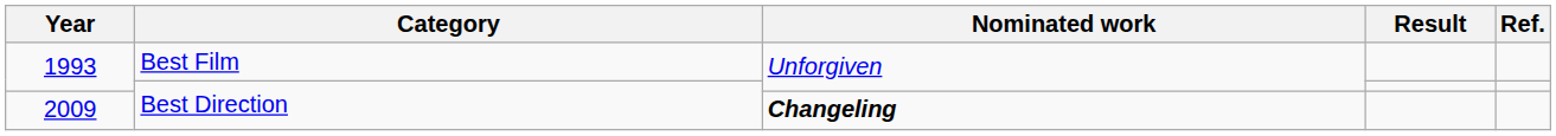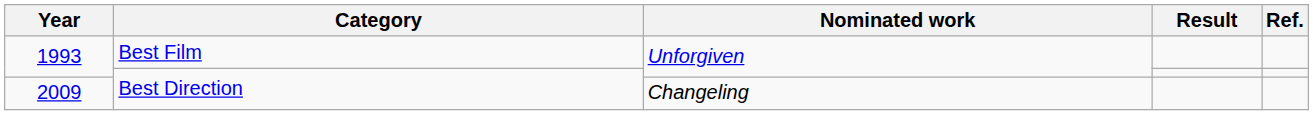 <table class=wikitable>
 <tr>
 <th scope="col" style="width:5em;">Year</th>
 <th scope="col" style="width:26em;">Category</th>
 <th scope="col" style="width:25em;">Nominated work</th>
 <th scope="col" style="width:5em;">Result</th>
 <th>Ref.</th>
 </tr>
 <tr>
 <td style="text-align:center;", rowspan="2"><a href='#'>1993</a></td>
 <td><a href='#'>Best Film</a></td>
 <td rowspan="2"><em><a href='#'>Unforgiven</a></em></td>
 <td></td>
 <td></td>
 </tr>
 <tr>
 <td rowspan="2"><a href='#'>Best Direction</a></td>
 <td></td>
 <td></td>
 </tr>
 <tr>
 <td style="text-align:center;"><a href='#'>2009</a></td>
-<td><strong><em>Changeling</em></strong></td>
+<td><em>Changeling</em></td>
 <td></td>
 <td></td>
 </tr>
 </table>
